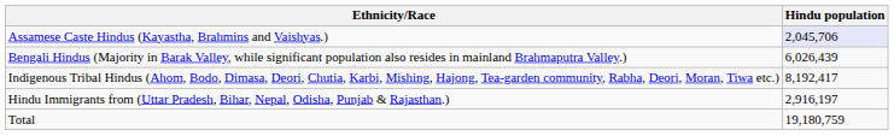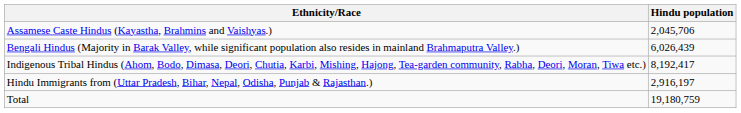 <table class="wikitable">
 <tr>
 <th>Ethnicity/Race</th>
 <th>Hindu population</th>
 </tr>
 <tr>
 <td><a href='#'>Assamese Caste Hindus</a> (<a href='#'>Kayastha</a>, <a href='#'>Brahmins</a> and <a href='#'>Vaishyas</a>.)</td>
-<td style="background: lavender;">2,045,706</td>
+<td>2,045,706</td>
 </tr>
 <tr>
 <td><a href='#'>Bengali Hindus</a> (Majority in <a href='#'>Barak Valley</a>, while significant population also resides in mainland <a href='#'>Brahmaputra Valley</a>.)</td>
 <td>6,026,439</td>
 </tr>
 <tr>
 <td>Indigenous Tribal Hindus (<a href='#'>Ahom</a>, <a href='#'>Bodo</a>, <a href='#'>Dimasa</a>, <a href='#'>Deori</a>, <a href='#'>Chutia</a>, <a href='#'>Karbi</a>, <a href='#'>Mishing</a>, <a href='#'>Hajong</a>, <a href='#'>Tea-garden community</a>, <a href='#'>Rabha</a>, <a href='#'>Deori</a>, <a href='#'>Moran</a>, <a href='#'>Tiwa</a> etc.)</td>
 <td>8,192,417</td>
 </tr>
 <tr>
 <td>Hindu Immigrants from (<a href='#'>Uttar Pradesh</a>, <a href='#'>Bihar</a>, <a href='#'>Nepal</a>, <a href='#'>Odisha</a>, <a href='#'>Punjab</a> & <a href='#'>Rajasthan</a>.)</td>
 <td>2,916,197</td>
 </tr>
 <tr>
 <td>Total</td>
 <td>19,180,759</td>
 </tr>
 </table>
